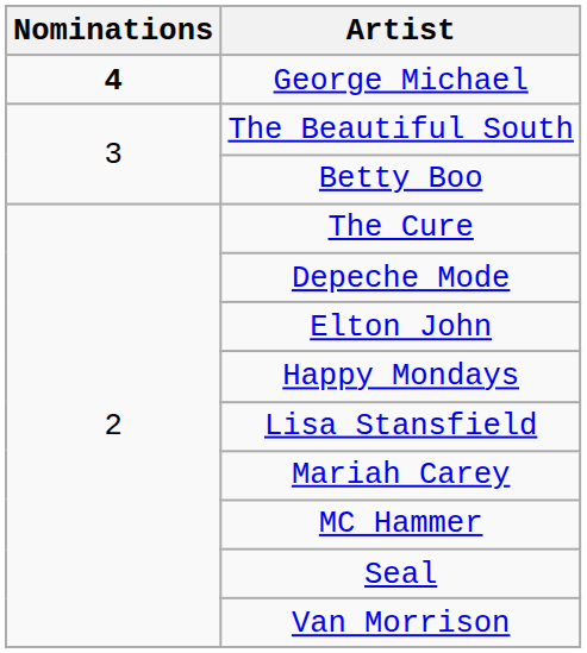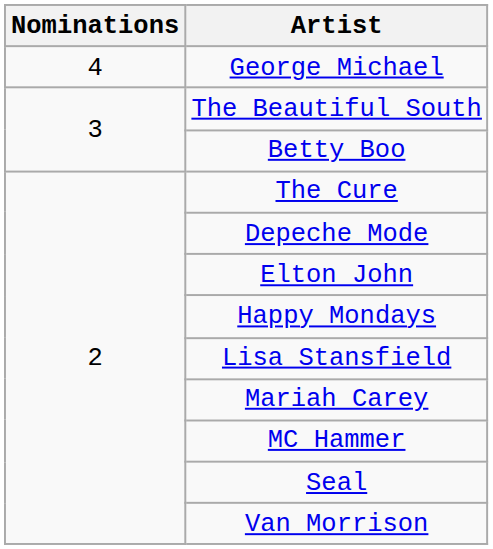 <table class="wikitable" rowspan="2" style="text-align:center;">
 <tr>
 <th scope="col" style="width:55px;">Nominations</th>
 <th scope="col" style="text-align:center;">Artist</th>
 </tr>
 <tr>
-<td><strong>4</strong></td>
+<td>4</td>
 <td><a href='#'>George Michael</a></td>
 </tr>
 <tr>
 <td rowspan="2">3</td>
 <td><a href='#'>The Beautiful South</a></td>
 </tr>
 <tr>
 <td><a href='#'>Betty Boo</a></td>
 </tr>
 <tr>
 <td rowspan="9">2</td>
 <td><a href='#'>The Cure</a></td>
 </tr>
 <tr>
 <td><a href='#'>Depeche Mode</a></td>
 </tr>
 <tr>
 <td><a href='#'>Elton John</a></td>
 </tr>
 <tr>
 <td><a href='#'>Happy Mondays</a></td>
 </tr>
 <tr>
 <td><a href='#'>Lisa Stansfield</a></td>
 </tr>
 <tr>
 <td><a href='#'>Mariah Carey</a></td>
 </tr>
 <tr>
 <td><a href='#'>MC Hammer</a></td>
 </tr>
 <tr>
 <td><a href='#'>Seal</a></td>
 </tr>
 <tr>
 <td><a href='#'>Van Morrison</a></td>
 </tr>
 </table>
